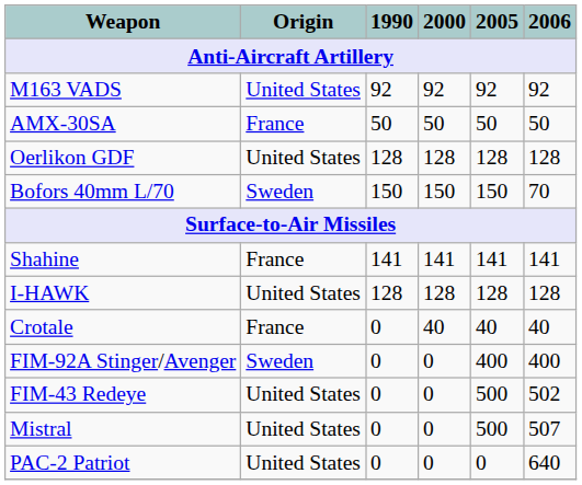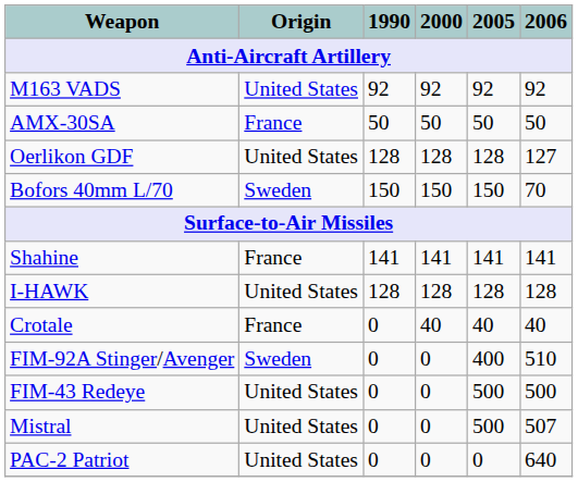 <table class="wikitable">
 <tr>
 <th style="text-align:center; background:#acc;">Weapon</th>
 <th style="text-align: center; background:#acc;">Origin</th>
 <th style="text-align:left; background:#acc;">1990</th>
 <th style="text-align:center; background:#acc;">2000</th>
 <th style="text-align: center; background:#acc;">2005</th>
 <th style="text-align: center; background:#acc;">2006</th>
 </tr>
 <tr>
 <th style="align: center; background: lavender;" colspan="7"><a href='#'>Anti-Aircraft Artillery</a></th>
 </tr>
 <tr>
 <td><a href='#'>M163 VADS</a></td>
 <td><a href='#'>United States</a></td>
 <td>92</td>
 <td>92</td>
 <td>92</td>
 <td>92</td>
 </tr>
 <tr>
 <td><a href='#'>AMX-30SA</a></td>
 <td><a href='#'>France</a></td>
 <td>50</td>
 <td>50</td>
 <td>50</td>
 <td>50</td>
 </tr>
 <tr>
 <td><a href='#'>Oerlikon GDF</a></td>
 <td>United States</td>
 <td>128</td>
 <td>128</td>
 <td>128</td>
-<td>128</td>
+<td>127</td>
 </tr>
 <tr>
 <td><a href='#'>Bofors 40mm L/70</a></td>
 <td><a href='#'>Sweden</a></td>
 <td>150</td>
 <td>150</td>
 <td>150</td>
 <td>70</td>
 </tr>
 <tr>
 <th style="align: center; background: lavender;" colspan="7"><a href='#'>Surface-to-Air Missiles</a></th>
 </tr>
 <tr>
 <td><a href='#'>Shahine</a></td>
 <td>France</td>
 <td>141</td>
 <td>141</td>
 <td>141</td>
 <td>141</td>
 </tr>
 <tr>
 <td><a href='#'>I-HAWK</a></td>
 <td>United States</td>
 <td>128</td>
 <td>128</td>
 <td>128</td>
 <td>128</td>
 </tr>
 <tr>
 <td><a href='#'>Crotale</a></td>
 <td>France</td>
 <td>0</td>
 <td>40</td>
 <td>40</td>
 <td>40</td>
 </tr>
 <tr>
 <td><a href='#'>FIM-92A Stinger</a>/<a href='#'>Avenger</a></td>
 <td><a href='#'>Sweden</a></td>
 <td>0</td>
 <td>0</td>
 <td>400</td>
-<td>400</td>
+<td>510</td>
 </tr>
 <tr>
 <td><a href='#'>FIM-43 Redeye</a></td>
 <td>United States</td>
 <td>0</td>
 <td>0</td>
 <td>500</td>
-<td>502</td>
+<td>500</td>
 </tr>
 <tr>
 <td><a href='#'>Mistral</a></td>
 <td>United States</td>
 <td>0</td>
 <td>0</td>
 <td>500</td>
 <td>507</td>
 </tr>
 <tr>
 <td><a href='#'>PAC-2 Patriot</a></td>
 <td>United States</td>
 <td>0</td>
 <td>0</td>
 <td>0</td>
 <td>640</td>
 </tr>
 <tr>
 </tr>
 </table>
